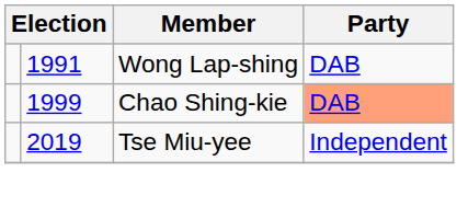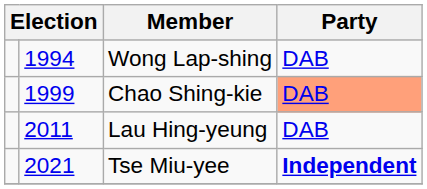 <table class="wikitable">
 <tr>
 <th colspan="2">Election</th>
 <th>Member</th>
 <th>Party</th>
 </tr>
 <tr>
 <td style="background-color: "></td>
-<td><a href='#'>1991</a></td>
+<td><a href='#'>1994</a></td>
 <td>Wong Lap-shing</td>
 <td><a href='#'>DAB</a></td>
 </tr>
 <tr>
 <td style="background-color: "></td>
 <td><a href='#'>1999</a></td>
 <td>Chao Shing-kie</td>
 <td style="background: lightsalmon;"><a href='#'>DAB</a></td>
 </tr>
 <tr>
 <td style="background-color: "></td>
-<td><a href='#'>2019</a></td>
+<td><a href='#'>2011</a></td>
+<td>Lau Hing-yeung</td>
+<td><a href='#'>DAB</a></td>
+</tr>
+<tr>
+<td style="background-color: "></td>
+<td><a href='#'>2021</a></td>
 <td>Tse Miu-yee</td>
-<td><a href='#'>Independent</a></td>
+<td><strong><a href='#'>Independent</a></strong></td>
 </tr>
 <tr>
 </tr>
 </table>
